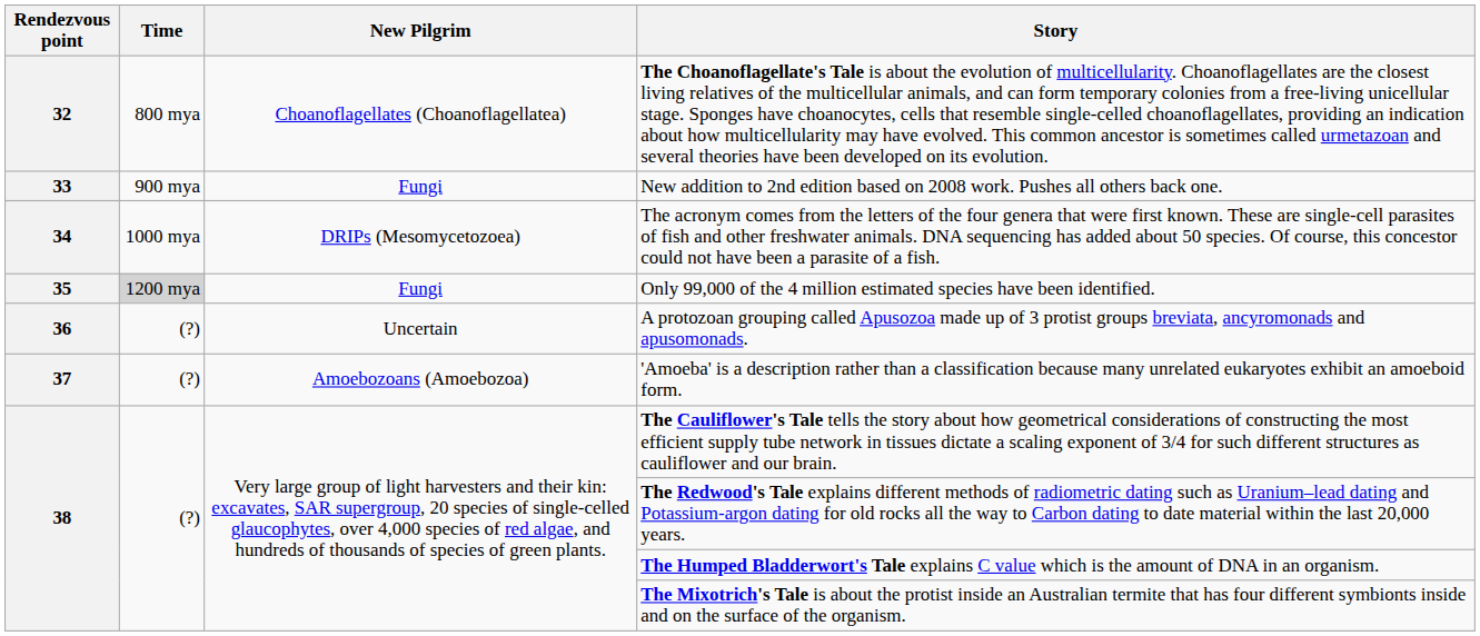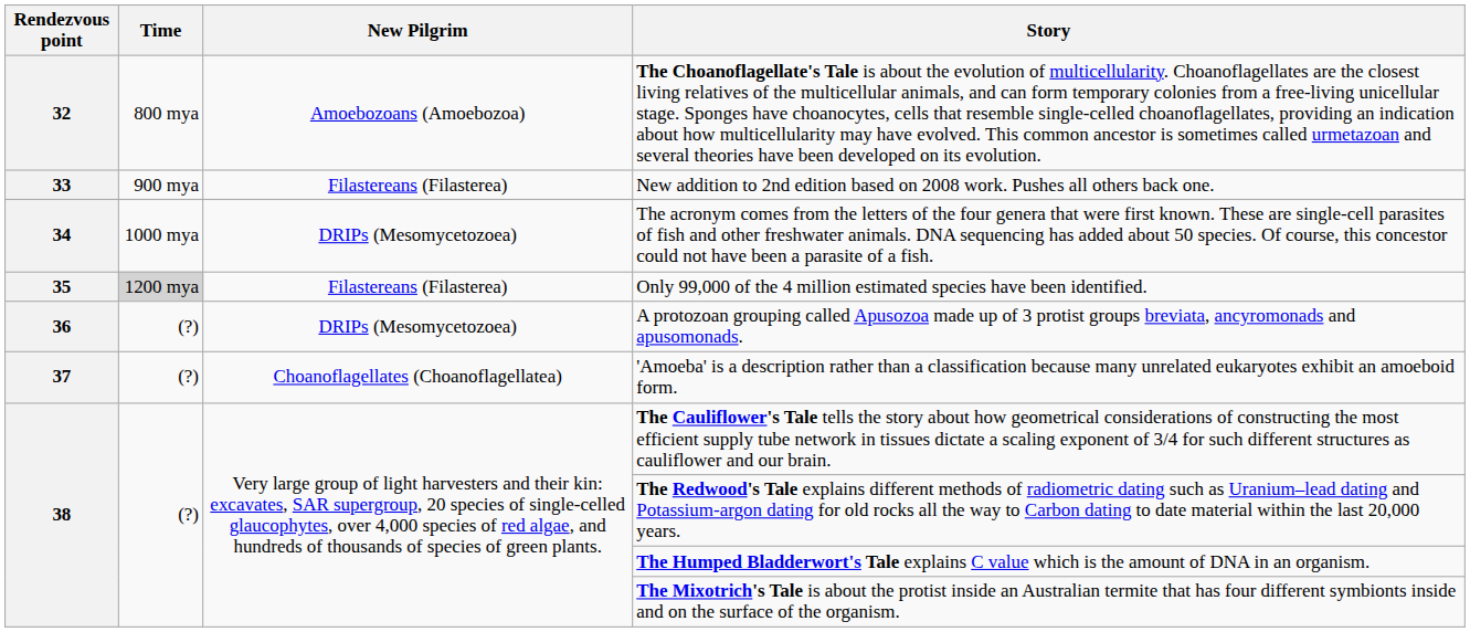 <table class="wikitable">
 <tr>
 <th>Rendezvous point</th>
 <th style="width:65px;">Time</th>
 <th>New Pilgrim</th>
 <th>Story</th>
 </tr>
 <tr>
 <th>32</th>
 <td style="text-align:right;">800 mya</td>
-<td style="text-align:center;"><a href='#'>Choanoflagellates</a> (Choanoflagellatea)</td>
+<td style="text-align:center;"><a href='#'>Amoebozoans</a> (Amoebozoa)</td>
 <td><strong>The Choanoflagellate's Tale</strong> is about the evolution of <a href='#'>multicellularity</a>. Choanoflagellates are the closest living relatives of the multicellular animals, and can form temporary colonies from a free-living unicellular stage. Sponges have choanocytes, cells that resemble single-celled choanoflagellates, providing an indication about how multicellularity may have evolved. This common ancestor is sometimes called <a href='#'>urmetazoan</a> and several theories have been developed on its evolution.</td>
 </tr>
 <tr>
 <th>33</th>
 <td style="text-align:right;">900 mya</td>
-<td style="text-align:center;"><a href='#'>Fungi</a></td>
+<td style="text-align:center;"><a href='#'>Filastereans</a> (Filasterea)</td>
 <td>New addition to 2nd edition based on 2008 work. Pushes all others back one.</td>
 </tr>
 <tr>
 </tr>
 <tr>
 <th>34</th>
 <td style="text-align:right;">1000 mya</td>
 <td style="text-align:center;"><a href='#'>DRIPs</a> (Mesomycetozoea)</td>
 <td>The acronym comes from the letters of the four genera that were first known. These are single-cell parasites of fish and other freshwater animals. DNA sequencing has added about 50 species. Of course, this concestor could not have been a parasite of a fish.</td>
 </tr>
 <tr>
 <th>35</th>
 <td style="background: lightgrey; text-align:right;">1200 mya</td>
-<td style="text-align:center;"><a href='#'>Fungi</a></td>
+<td style="text-align:center;"><a href='#'>Filastereans</a> (Filasterea)</td>
 <td>Only 99,000 of the 4 million estimated species have been identified.</td>
 </tr>
 <tr>
 <th>36</th>
 <td style="text-align:right;">(?)</td>
-<td style="text-align:center;">Uncertain</td>
+<td style="text-align:center;"><a href='#'>DRIPs</a> (Mesomycetozoea)</td>
 <td>A protozoan grouping called <a href='#'>Apusozoa</a> made up of 3 protist groups <a href='#'>breviata</a>, <a href='#'>ancyromonads</a> and <a href='#'>apusomonads</a>.</td>
 </tr>
 <tr>
 <th>37</th>
 <td style="text-align:right;">(?)</td>
-<td style="text-align:center;"><a href='#'>Amoebozoans</a> (Amoebozoa)</td>
+<td style="text-align:center;"><a href='#'>Choanoflagellates</a> (Choanoflagellatea)</td>
 <td>'Amoeba' is a description rather than a classification because many unrelated eukaryotes exhibit an amoeboid form.</td>
 </tr>
 <tr>
 <th rowspan="4">38</th>
 <td rowspan="4" style="text-align:right;">(?)</td>
 <td rowspan="4" style="text-align:center;">Very large group of light harvesters and their kin: <a href='#'>excavates</a>, <a href='#'>SAR supergroup</a>, 20 species of single-celled <a href='#'>glaucophytes</a>, over 4,000 species of <a href='#'>red algae</a>, and hundreds of thousands of species of green plants.</td>
 <td><strong>The <a href='#'>Cauliflower</a>'s Tale</strong> tells the story about how geometrical considerations of constructing the most efficient supply tube network in tissues dictate a scaling exponent of 3/4 for such different structures as cauliflower and our brain.</td>
 </tr>
 <tr>
 <td><strong>The <a href='#'>Redwood</a>'s Tale</strong>  explains different methods of <a href='#'>radiometric dating</a> such as <a href='#'>Uranium–lead dating</a> and <a href='#'>Potassium-argon dating</a> for old rocks all the way to <a href='#'>Carbon dating</a> to date material within the last 20,000 years.</td>
 </tr>
 <tr>
 <td><strong> <a href='#'>The Humped Bladderwort's</a> Tale</strong> explains <a href='#'>C value</a> which is the amount of DNA in an organism.</td>
 </tr>
 <tr>
 <td><strong><a href='#'>The Mixotrich</a>'s Tale</strong> is about the protist inside an Australian termite that has four different symbionts inside and on the surface of the organism.</td>
 </tr>
 </table>
